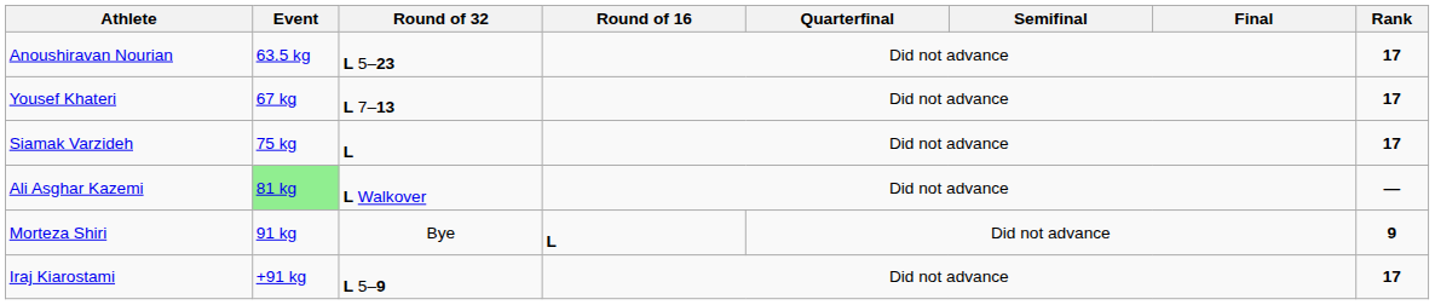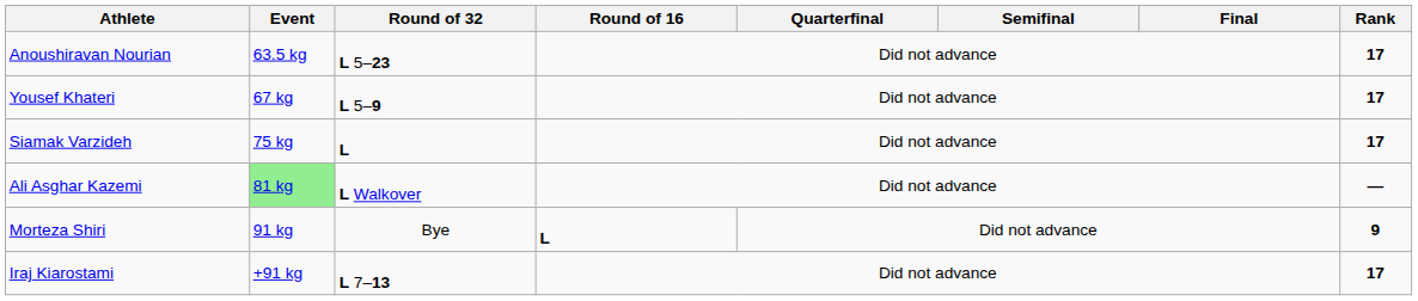 <table class="wikitable" width="98%" style="text-align:left; font-size:90%">
 <tr>
 <th width="17%">Athlete</th>
 <th width="6%">Event</th>
 <th width="14%">Round of 32</th>
 <th width="14%">Round of 16</th>
 <th width="14%">Quarterfinal</th>
 <th width="14%">Semifinal</th>
 <th width="14%">Final</th>
 <th width="5%">Rank</th>
 </tr>
 <tr>
 <td><a href='#'>Anoushiravan Nourian</a></td>
 <td><a href='#'>63.5 kg</a></td>
 <td><br><strong>L</strong> 5–<strong>23</strong></td>
 <td colspan=4 align=center>Did not advance</td>
 <td align=center><strong>17</strong></td>
 </tr>
 <tr>
 <td><a href='#'>Yousef Khateri</a></td>
 <td><a href='#'>67 kg</a></td>
-<td><br><strong>L</strong> 7–<strong>13</strong></td>
+<td><br><strong>L</strong> 5–<strong>9</strong></td>
 <td colspan=4 align=center>Did not advance</td>
 <td align=center><strong>17</strong></td>
 </tr>
 <tr>
 <td><a href='#'>Siamak Varzideh</a></td>
 <td><a href='#'>75 kg</a></td>
 <td><br><strong>L</strong> </td>
 <td colspan=4 align=center>Did not advance</td>
 <td align=center><strong>17</strong></td>
 </tr>
 <tr>
 <td><a href='#'>Ali Asghar Kazemi</a></td>
 <td style="background: lightgreen;"><a href='#'>81 kg</a></td>
 <td><br><strong>L</strong> <a href='#'>Walkover</a></td>
 <td colspan=4 align=center>Did not advance</td>
 <td align=center><strong>—</strong></td>
 </tr>
 <tr>
 <td><a href='#'>Morteza Shiri</a></td>
 <td><a href='#'>91 kg</a></td>
 <td align=center>Bye</td>
 <td><br><strong>L</strong> </td>
 <td colspan=3 align=center>Did not advance</td>
 <td align=center><strong>9</strong></td>
 </tr>
 <tr>
 <td><a href='#'>Iraj Kiarostami</a></td>
 <td><a href='#'>+91 kg</a></td>
-<td><br><strong>L</strong> 5–<strong>9</strong></td>
+<td><br><strong>L</strong> 7–<strong>13</strong></td>
 <td colspan=4 align=center>Did not advance</td>
 <td align=center><strong>17</strong></td>
 </tr>
 </table>
